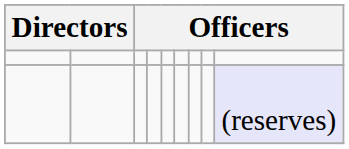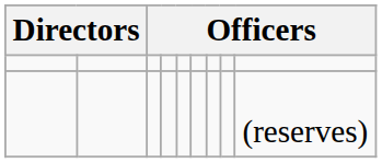 <table class="wikitable">
 <tr style="text-align:center;">
 <th colspan=2>Directors</th>
 <th colspan=7>Officers</th>
 </tr>
 <tr style="text-align:center;">
 <td></td>
 <td></td>
 <td></td>
 <td></td>
 <td></td>
 <td></td>
 <td></td>
 <td></td>
 <td></td>
 </tr>
 <tr style="text-align:center;">
 <td></td>
 <td></td>
 <td></td>
 <td></td>
 <td></td>
 <td></td>
 <td></td>
 <td></td>
-<td style="background: lavender;"><br>(reserves)</td>
+<td><br>(reserves)</td>
 </tr>
 </table>
